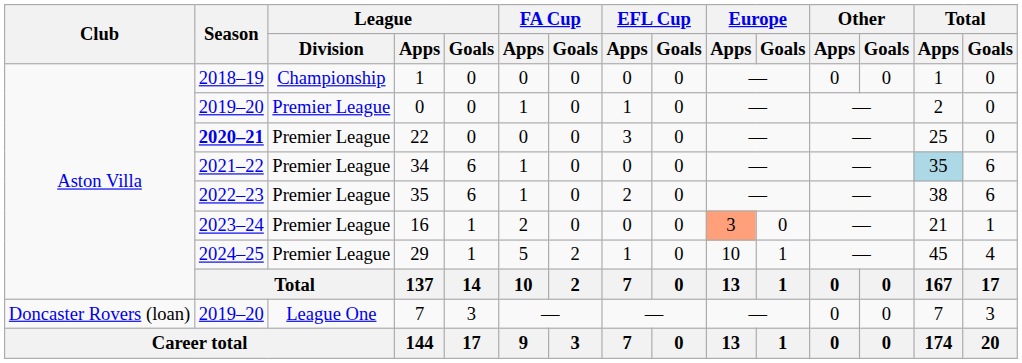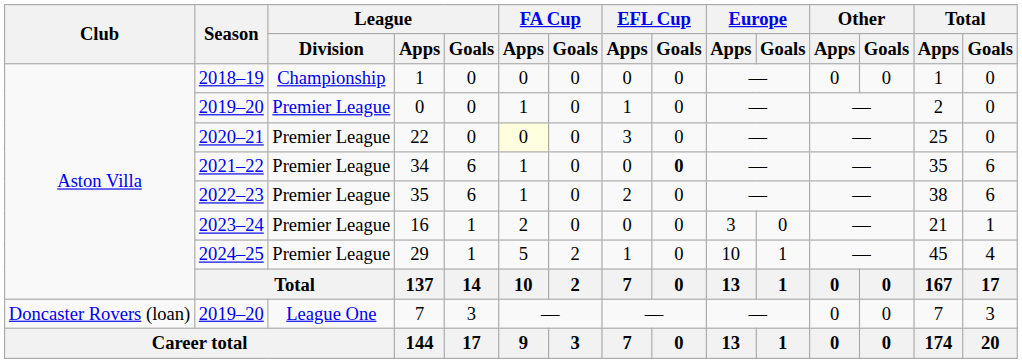 <table class="wikitable" style="text-align:center">
 <tr>
 <th rowspan="2">Club</th>
 <th rowspan="2">Season</th>
 <th colspan="3">League</th>
 <th colspan="2"><a href='#'>FA Cup</a></th>
 <th colspan="2"><a href='#'>EFL Cup</a></th>
 <th colspan="2"><a href='#'>Europe</a></th>
 <th colspan="2">Other</th>
 <th colspan="2">Total</th>
 </tr>
 <tr>
 <th>Division</th>
 <th>Apps</th>
 <th>Goals</th>
 <th>Apps</th>
 <th>Goals</th>
 <th>Apps</th>
 <th>Goals</th>
 <th>Apps</th>
 <th>Goals</th>
 <th>Apps</th>
 <th>Goals</th>
 <th>Apps</th>
 <th>Goals</th>
 </tr>
 <tr>
 <td rowspan="8"><a href='#'>Aston Villa</a></td>
 <td><a href='#'>2018–19</a></td>
 <td><a href='#'>Championship</a></td>
 <td>1</td>
 <td>0</td>
 <td>0</td>
 <td>0</td>
 <td>0</td>
 <td>0</td>
 <td colspan="2">—</td>
 <td>0</td>
 <td>0</td>
 <td>1</td>
 <td>0</td>
 </tr>
 <tr>
 <td><a href='#'>2019–20</a></td>
 <td><a href='#'>Premier League</a></td>
 <td>0</td>
 <td>0</td>
 <td>1</td>
 <td>0</td>
 <td>1</td>
 <td>0</td>
 <td colspan="2">—</td>
 <td colspan="2">—</td>
 <td>2</td>
 <td>0</td>
 </tr>
 <tr>
-<td><strong><a href='#'>2020–21</a></strong></td>
+<td><a href='#'>2020–21</a></td>
 <td>Premier League</td>
 <td>22</td>
 <td>0</td>
-<td>0</td>
+<td style="background: lightyellow;">0</td>
 <td>0</td>
 <td>3</td>
 <td>0</td>
 <td colspan="2">—</td>
 <td colspan="2">—</td>
 <td>25</td>
 <td>0</td>
 </tr>
 <tr>
 <td><a href='#'>2021–22</a></td>
 <td>Premier League</td>
 <td>34</td>
 <td>6</td>
 <td>1</td>
 <td>0</td>
 <td>0</td>
-<td>0</td>
+<td><strong>0</strong></td>
 <td colspan="2">—</td>
 <td colspan="2">—</td>
-<td style="background: lightblue;">35</td>
+<td>35</td>
 <td>6</td>
 </tr>
 <tr>
 <td><a href='#'>2022–23</a></td>
 <td>Premier League</td>
 <td>35</td>
 <td>6</td>
 <td>1</td>
 <td>0</td>
 <td>2</td>
 <td>0</td>
 <td colspan="2">—</td>
 <td colspan="2">—</td>
 <td>38</td>
 <td>6</td>
 </tr>
 <tr>
 <td><a href='#'>2023–24</a></td>
 <td>Premier League</td>
 <td>16</td>
 <td>1</td>
 <td>2</td>
 <td>0</td>
 <td>0</td>
 <td>0</td>
-<td style="background: lightsalmon;">3</td>
+<td>3</td>
 <td>0</td>
 <td colspan="2">—</td>
 <td>21</td>
 <td>1</td>
 </tr>
 <tr>
 <td><a href='#'>2024–25</a></td>
 <td>Premier League</td>
 <td>29</td>
 <td>1</td>
 <td>5</td>
 <td>2</td>
 <td>1</td>
 <td>0</td>
 <td>10</td>
 <td>1</td>
 <td colspan="2">—</td>
 <td>45</td>
 <td>4</td>
 </tr>
 <tr>
 <th colspan="2">Total</th>
 <th>137</th>
 <th>14</th>
 <th>10</th>
 <th>2</th>
 <th>7</th>
 <th>0</th>
 <th>13</th>
 <th>1</th>
 <th>0</th>
 <th>0</th>
 <th>167</th>
 <th>17</th>
 </tr>
 <tr>
 <td><a href='#'>Doncaster Rovers</a> (loan)</td>
 <td><a href='#'>2019–20</a></td>
 <td><a href='#'>League One</a></td>
 <td>7</td>
 <td>3</td>
 <td colspan="2">—</td>
 <td colspan="2">—</td>
 <td colspan="2">—</td>
 <td>0</td>
 <td>0</td>
 <td>7</td>
 <td>3</td>
 </tr>
 <tr>
 <th colspan="3">Career total</th>
 <th>144</th>
 <th>17</th>
 <th>9</th>
 <th>3</th>
 <th>7</th>
 <th>0</th>
 <th>13</th>
 <th>1</th>
 <th>0</th>
 <th>0</th>
 <th>174</th>
 <th>20</th>
 </tr>
 </table>
